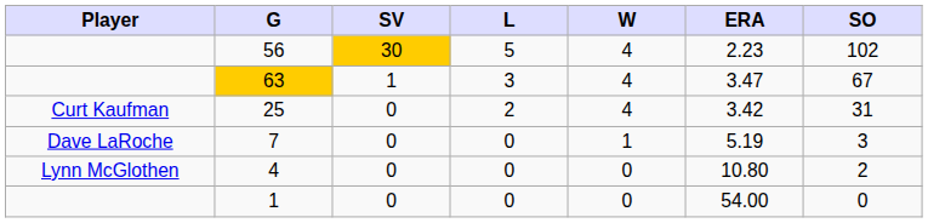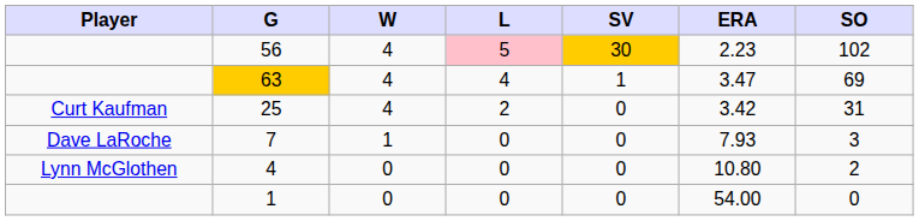 <table class="wikitable sortable">
 <tr>
 <th style="background:#ddf; width:16%;">Player</th>
 <th style="background:#ddf; width:9%;">G</th>
+<th style="background:#ddf; width:9%;">W</th>
+<th style="background:#ddf; width:9%;">L</th>
 <th style="background:#ddf; width:9%;">SV</th>
-<th style="background:#ddf; width:9%;">L</th>
-<th style="background:#ddf; width:9%;">W</th>
 <th style="background:#ddf; width:9%;">ERA</th>
 <th style="background:#ddf; width:9%;">SO</th>
 </tr>
 <tr style="text-align:center;">
 <td></td>
 <td>56</td>
+<td>4</td>
+<td style="background: pink;">5</td>
 <td style="background:#fc0;">30</td>
-<td>5</td>
-<td>4</td>
 <td>2.23</td>
 <td>102</td>
 </tr>
 <tr align=center>
 <td></td>
 <td style="background:#fc0;">63</td>
+<td>4</td>
+<td>4</td>
 <td>1</td>
-<td>3</td>
-<td>4</td>
 <td>3.47</td>
-<td>67</td>
+<td>69</td>
 </tr>
 <tr style="text-align:center;">
 <td><a href='#'>Curt Kaufman</a></td>
 <td>25</td>
+<td>4</td>
+<td>2</td>
 <td>0</td>
-<td>2</td>
-<td>4</td>
 <td>3.42</td>
 <td>31</td>
 </tr>
 <tr align=center>
 <td><a href='#'>Dave LaRoche</a></td>
 <td>7</td>
+<td>1</td>
 <td>0</td>
 <td>0</td>
-<td>1</td>
-<td>5.19</td>
+<td>7.93</td>
 <td>3</td>
 </tr>
 <tr align=center>
 <td><a href='#'>Lynn McGlothen</a></td>
 <td>4</td>
 <td>0</td>
 <td>0</td>
 <td>0</td>
 <td>10.80</td>
 <td>2</td>
 </tr>
 <tr align=center>
 <td></td>
 <td>1</td>
 <td>0</td>
 <td>0</td>
 <td>0</td>
 <td>54.00</td>
 <td>0</td>
 </tr>
 </table>
